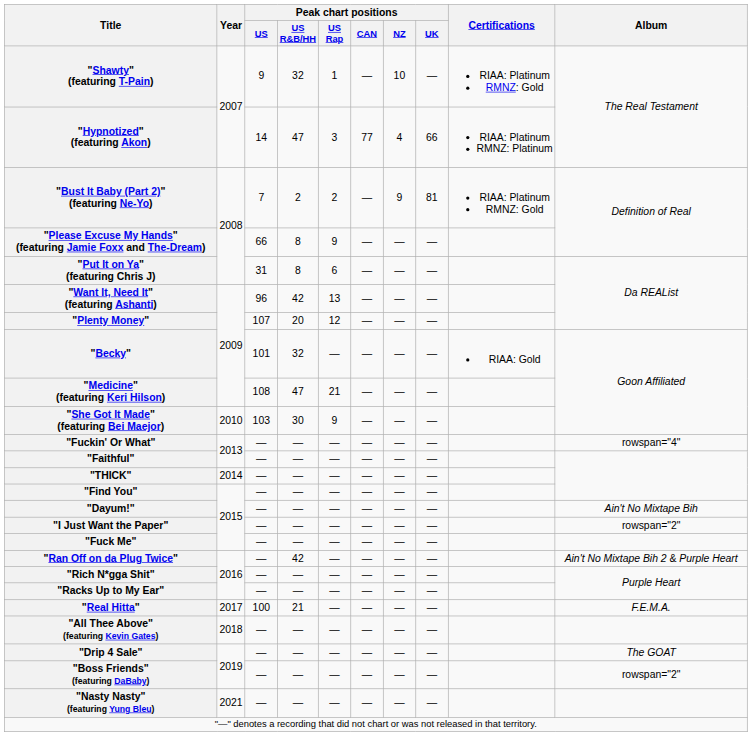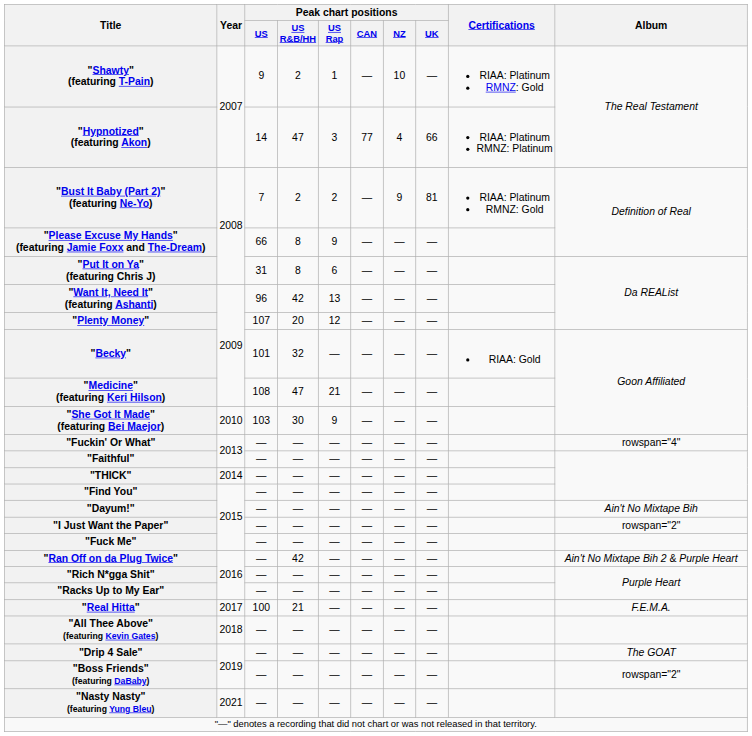 <table class="wikitable plainrowheaders" style="text-align:center;" border="1">
 <tr>
 <th scope="col" rowspan="2" style="width:20em;">Title</th>
 <th scope="col" rowspan="2" style="width:1em;">Year</th>
 <th scope="col" colspan="6">Peak chart positions</th>
 <th scope="col" rowspan="2"><a href='#'>Certifications</a></th>
 <th scope="col" rowspan="2" style="width:18em;">Album</th>
 </tr>
 <tr>
 <th scope="col" style="width:3em;font-size:90%;"><a href='#'>US</a><br></th>
 <th scope="col" style="width:3em;font-size:90%;"><a href='#'>US R&B/HH</a><br></th>
 <th scope="col" style="width:3em;font-size:90%;"><a href='#'>US Rap</a><br></th>
 <th scope="col" style="width:3em;font-size:90%;"><a href='#'>CAN</a><br></th>
 <th scope="col" style="width:3em;font-size:90%;"><a href='#'>NZ</a><br></th>
 <th scope="col" style="width:3em;font-size:90%;"><a href='#'>UK</a></th>
 </tr>
 <tr>
 <th scope="row">"<a href='#'>Shawty</a>" <br><span>(featuring <a href='#'>T-Pain</a>)</span></th>
 <td rowspan="2">2007</td>
 <td>9</td>
-<td>32</td>
+<td>2</td>
 <td>1</td>
 <td>—</td>
 <td>10</td>
 <td>—</td>
 <td><br><ul><li>RIAA: Platinum</li><li><a href='#'>RMNZ</a>: Gold</li></ul></td>
 <td rowspan="2"><em>The Real Testament</em></td>
 </tr>
 <tr>
 <th scope="row">"<a href='#'>Hypnotized</a>" <br><span>(featuring <a href='#'>Akon</a>)</span></th>
 <td>14</td>
 <td>47</td>
 <td>3</td>
 <td>77</td>
 <td>4</td>
 <td>66</td>
 <td><br><ul><li>RIAA: Platinum</li><li>RMNZ: Platinum</li></ul></td>
 </tr>
 <tr>
 <th scope="row">"<a href='#'>Bust It Baby (Part 2)</a>" <br><span>(featuring <a href='#'>Ne-Yo</a>)</span></th>
 <td rowspan="3">2008</td>
 <td>7</td>
 <td>2</td>
 <td>2</td>
 <td>—</td>
 <td>9</td>
 <td>81</td>
 <td><br><ul><li>RIAA: Platinum</li><li>RMNZ: Gold</li></ul></td>
 <td rowspan="2"><em>Definition of Real</em></td>
 </tr>
 <tr>
 <th scope="row">"<a href='#'>Please Excuse My Hands</a>" <br><span>(featuring <a href='#'>Jamie Foxx</a> and <a href='#'>The-Dream</a>)</span></th>
 <td>66</td>
 <td>8</td>
 <td>9</td>
 <td>—</td>
 <td>—</td>
 <td>—</td>
 <td></td>
 </tr>
 <tr>
 <th scope="row">"<a href='#'>Put It on Ya</a>" <br><span>(featuring Chris J)</span></th>
 <td>31</td>
 <td>8</td>
 <td>6</td>
 <td>—</td>
 <td>—</td>
 <td>—</td>
 <td></td>
 <td rowspan="3"><em>Da REAList</em></td>
 </tr>
 <tr>
 <th scope="row">"<a href='#'>Want It, Need It</a>" <br><span>(featuring <a href='#'>Ashanti</a>)</span></th>
 <td rowspan="4">2009</td>
 <td>96</td>
 <td>42</td>
 <td>13</td>
 <td>—</td>
 <td>—</td>
 <td>—</td>
 <td></td>
 </tr>
 <tr>
 <th scope="row">"<a href='#'>Plenty Money</a>"</th>
 <td>107</td>
 <td>20</td>
 <td>12</td>
 <td>—</td>
 <td>—</td>
 <td>—</td>
 <td></td>
 </tr>
 <tr>
 <th scope="row">"<a href='#'>Becky</a>"</th>
 <td>101</td>
 <td>32</td>
 <td>—</td>
 <td>—</td>
 <td>—</td>
 <td>—</td>
 <td><br><ul><li>RIAA: Gold</li></ul></td>
 <td rowspan="3"><em>Goon Affiliated</em></td>
 </tr>
 <tr>
 <th scope="row">"<a href='#'>Medicine</a>" <br><span>(featuring <a href='#'>Keri Hilson</a>)</span></th>
 <td>108</td>
 <td>47</td>
 <td>21</td>
 <td>—</td>
 <td>—</td>
 <td>—</td>
 <td></td>
 </tr>
 <tr>
 <th scope="row">"<a href='#'>She Got It Made</a>" <br><span>(featuring <a href='#'>Bei Maejor</a>)</span></th>
 <td>2010</td>
 <td>103</td>
 <td>30</td>
 <td>9</td>
 <td>—</td>
 <td>—</td>
 <td>—</td>
 <td></td>
 </tr>
 <tr>
 <th scope="row">"Fuckin' Or What"</th>
 <td rowspan="2">2013</td>
 <td>—</td>
 <td>—</td>
 <td>—</td>
 <td>—</td>
 <td>—</td>
 <td>—</td>
 <td></td>
 <td>rowspan="4" </td>
 </tr>
 <tr>
 <th scope="row">"Faithful"</th>
 <td>—</td>
 <td>—</td>
 <td>—</td>
 <td>—</td>
 <td>—</td>
 <td>—</td>
 <td></td>
 </tr>
 <tr>
 <th scope="row">"THICK"</th>
 <td>2014</td>
 <td>—</td>
 <td>—</td>
 <td>—</td>
 <td>—</td>
 <td>—</td>
 <td>—</td>
 <td></td>
 </tr>
 <tr>
 <th scope="row">"Find You"</th>
 <td rowspan="4">2015</td>
 <td>—</td>
 <td>—</td>
 <td>—</td>
 <td>—</td>
 <td>—</td>
 <td>—</td>
 <td></td>
 </tr>
 <tr>
 <th scope="row">"Dayum!"</th>
 <td>—</td>
 <td>—</td>
 <td>—</td>
 <td>—</td>
 <td>—</td>
 <td>—</td>
 <td></td>
 <td><em>Ain't No Mixtape Bih</em></td>
 </tr>
 <tr>
 <th scope="row">"I Just Want the Paper"</th>
 <td>—</td>
 <td>—</td>
 <td>—</td>
 <td>—</td>
 <td>—</td>
 <td>—</td>
 <td></td>
 <td>rowspan="2" </td>
 </tr>
 <tr>
 <th scope="row">"Fuck Me"</th>
 <td>—</td>
 <td>—</td>
 <td>—</td>
 <td>—</td>
 <td>—</td>
 <td>—</td>
 <td></td>
 </tr>
 <tr>
 <th scope="row">"<a href='#'>Ran Off on da Plug Twice</a>"</th>
 <td rowspan="3">2016</td>
 <td>—</td>
 <td>42</td>
 <td>—</td>
 <td>—</td>
 <td>—</td>
 <td>—</td>
 <td></td>
 <td><em>Ain't No Mixtape Bih 2</em> & <em>Purple Heart</em></td>
 </tr>
 <tr>
 <th scope="row">"Rich N*gga Shit"</th>
 <td>—</td>
 <td>—</td>
 <td>—</td>
 <td>—</td>
 <td>—</td>
 <td>—</td>
 <td></td>
 <td rowspan="2"><em>Purple Heart</em></td>
 </tr>
 <tr>
 <th scope="row">"Racks Up to My Ear"</th>
 <td>—</td>
 <td>—</td>
 <td>—</td>
 <td>—</td>
 <td>—</td>
 <td>—</td>
 <td></td>
 </tr>
 <tr>
 <th scope="row">"<a href='#'>Real Hitta</a>"</th>
 <td>2017</td>
 <td>100</td>
 <td>21</td>
 <td>—</td>
 <td>—</td>
 <td>—</td>
 <td>—</td>
 <td></td>
 <td><em>F.E.M.A.</em></td>
 </tr>
 <tr>
 <th scope="row">"All Thee Above"<br><small>(featuring <a href='#'>Kevin Gates</a>)</small></th>
 <td>2018</td>
 <td>—</td>
 <td>—</td>
 <td>—</td>
 <td>—</td>
 <td>—</td>
 <td>—</td>
 <td></td>
 <td></td>
 </tr>
 <tr>
 <th scope="row">"Drip 4 Sale"</th>
 <td rowspan="2">2019</td>
 <td>—</td>
 <td>—</td>
 <td>—</td>
 <td>—</td>
 <td>—</td>
 <td>—</td>
 <td></td>
 <td><em>The GOAT</em></td>
 </tr>
 <tr>
 <th scope="row">"Boss Friends"<br><small>(featuring <a href='#'>DaBaby</a>)</small></th>
 <td>—</td>
 <td>—</td>
 <td>—</td>
 <td>—</td>
 <td>—</td>
 <td>—</td>
 <td></td>
 <td>rowspan="2" </td>
 </tr>
 <tr>
 <th scope="row">"Nasty Nasty"<br><small>(featuring <a href='#'>Yung Bleu</a>)</small></th>
 <td>2021</td>
 <td>—</td>
 <td>—</td>
 <td>—</td>
 <td>—</td>
 <td>—</td>
 <td>—</td>
 <td></td>
 </tr>
 <tr>
 <td colspan="10" style="font-size:90%">"—" denotes a recording that did not chart or was not released in that territory.</td>
 </tr>
 </table>
